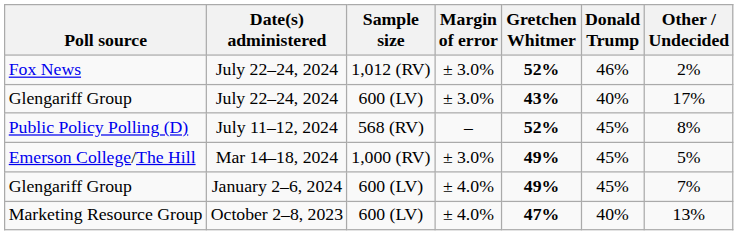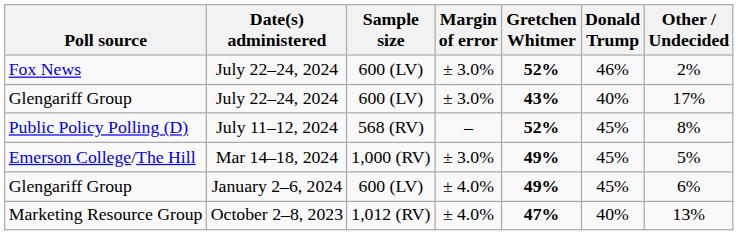 <table class="wikitable sortable mw-datatable" style="font-size:90%;text-align:center;line-height:17px">
 <tr style="vertical-align:bottom">
 <th>Poll source</th>
 <th>Date(s)<br>administered</th>
 <th>Sample<br>size</th>
 <th>Margin<br>of error</th>
 <th class="unsortable">Gretchen<br>Whitmer<br></th>
 <th class="unsortable">Donald<br>Trump<br></th>
 <th class="unsortable">Other /<br>Undecided</th>
 </tr>
 <tr>
 <td style="text-align:left;"><a href='#'>Fox News</a></td>
 <td data-sort-value="2024-07-26">July 22–24, 2024</td>
-<td>1,012 (RV)</td>
+<td>600 (LV)</td>
 <td>± 3.0%</td>
 <td style="color:black;background-color:"><strong>52%</strong></td>
 <td>46%</td>
 <td>2%</td>
 </tr>
 <tr>
 <td style="text-align:left;">Glengariff Group</td>
 <td data-sort-value="2024-07-25">July 22–24, 2024</td>
 <td>600 (LV)</td>
 <td>± 3.0%</td>
 <td style="color:black;background-color:"><strong>43%</strong></td>
 <td>40%</td>
 <td>17%</td>
 </tr>
 <tr>
 <td style="text-align:left;"><a href='#'>Public Policy Polling (D)</a></td>
 <td data-sort-value="2024-07-22">July 11–12, 2024</td>
 <td>568 (RV)</td>
 <td>–</td>
 <td style="color:black;background-color:"><strong>52%</strong></td>
 <td>45%</td>
 <td>8%</td>
 </tr>
 <tr>
 <td style="text-align:left;"><a href='#'>Emerson College</a>/<a href='#'>The Hill</a></td>
 <td>Mar 14–18, 2024</td>
 <td>1,000 (RV)</td>
 <td>± 3.0%</td>
 <td style="color:black;background-color:"><strong>49%</strong></td>
 <td>45%</td>
 <td>5%</td>
 </tr>
 <tr>
 <td style="text-align:left;">Glengariff Group</td>
 <td data-sort-value="2024-01-07">January 2–6, 2024</td>
 <td>600 (LV)</td>
 <td>± 4.0%</td>
 <td style="color:black;background-color:"><strong>49%</strong></td>
 <td>45%</td>
-<td>7%</td>
+<td>6%</td>
 </tr>
 <tr>
 <td style="text-align:left;">Marketing Resource Group</td>
 <td>October 2–8, 2023</td>
-<td>600 (LV)</td>
+<td>1,012 (RV)</td>
 <td>± 4.0%</td>
 <td style="color:black;background-color:"><strong>47%</strong></td>
 <td>40%</td>
 <td>13%</td>
 </tr>
 </table>
